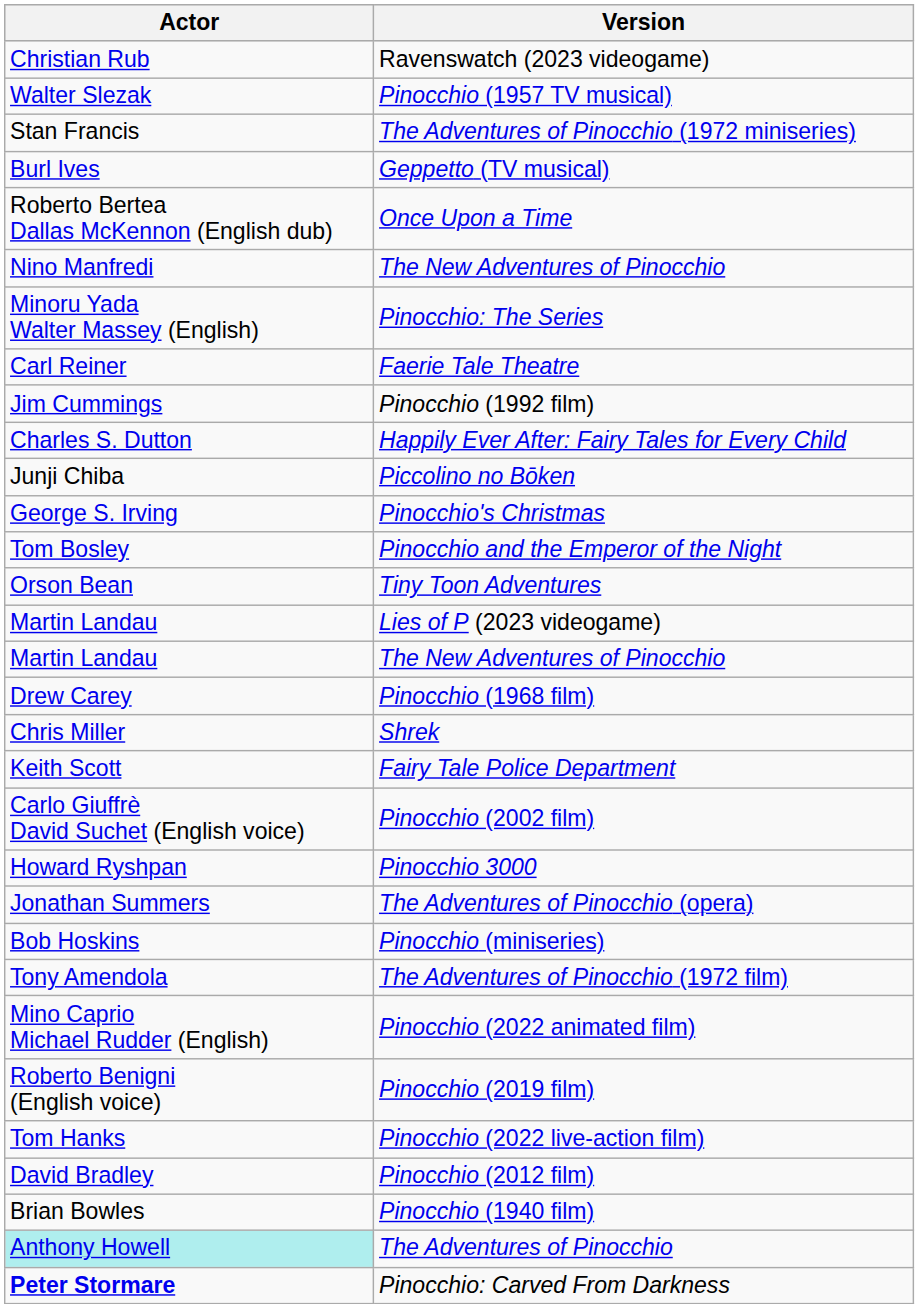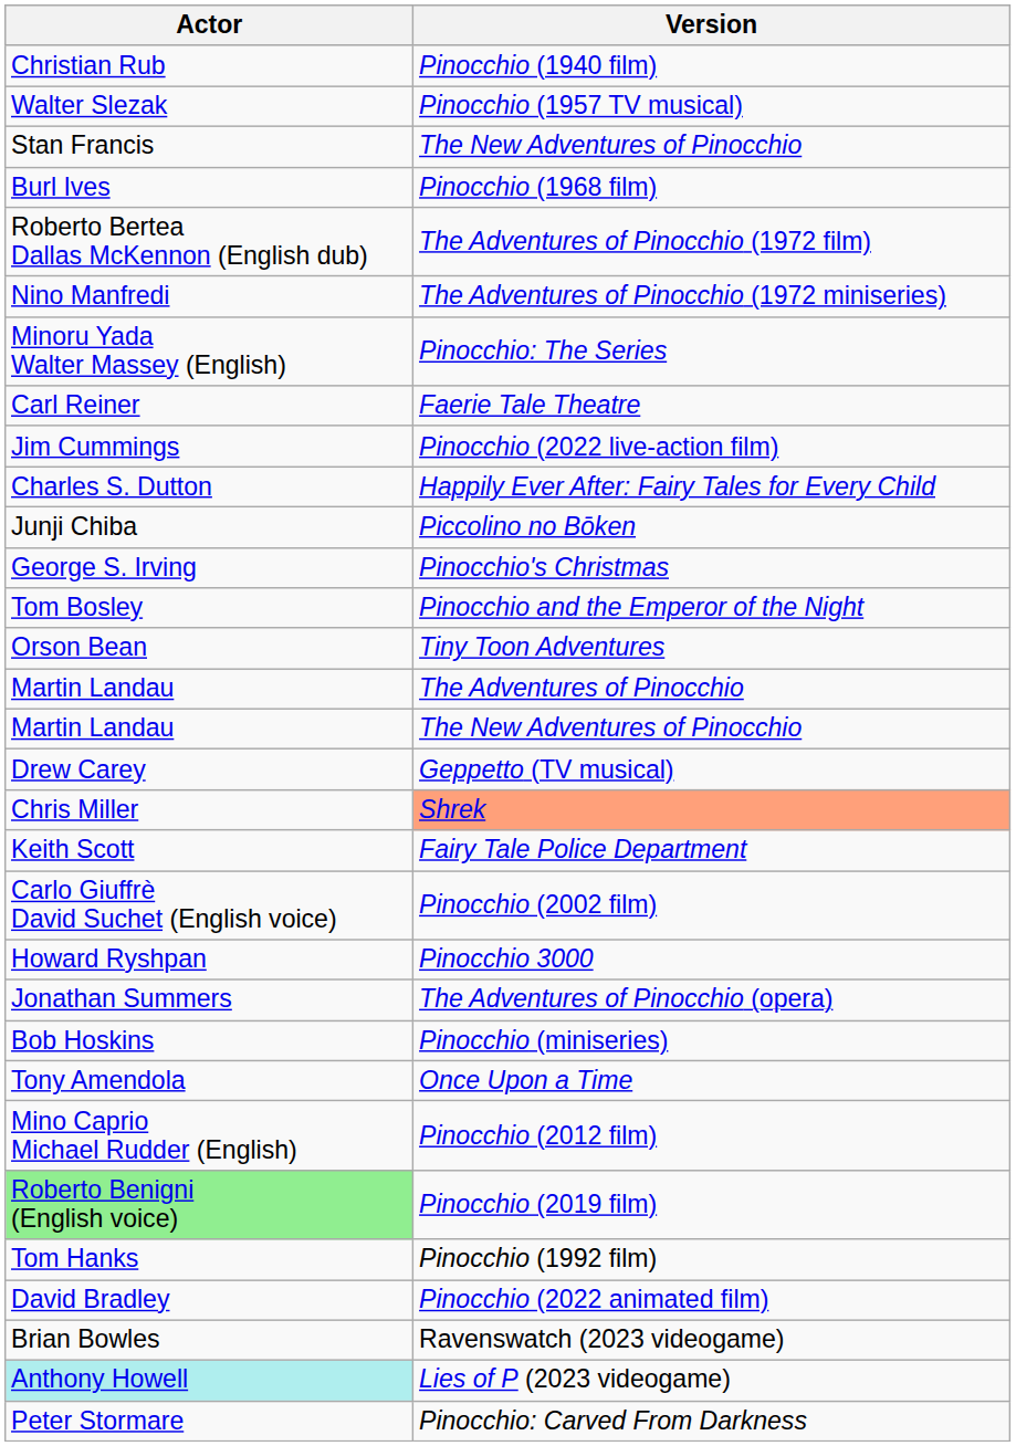 <table class="wikitable" width="50%">
 <tr bgcolor="#CCCCCC">
 <th>Actor</th>
 <th>Version</th>
 </tr>
 <tr>
 <td><a href='#'>Christian Rub</a></td>
-<td>Ravenswatch (2023 videogame)</td>
+<td><a href='#'><em>Pinocchio</em> (1940 film)</a></td>
 </tr>
 <tr>
 <td><a href='#'>Walter Slezak</a></td>
 <td><a href='#'><em>Pinocchio</em> (1957 TV musical)</a></td>
 </tr>
 <tr>
 <td>Stan Francis</td>
-<td><a href='#'><em>The Adventures of Pinocchio</em> (1972 miniseries)</a></td>
+<td><em><a href='#'>The New Adventures of Pinocchio</a></em></td>
 </tr>
 <tr>
 <td><a href='#'>Burl Ives</a></td>
-<td><a href='#'><em>Geppetto</em> (TV musical)</a></td>
+<td><a href='#'><em>Pinocchio</em> (1968 film)</a></td>
 </tr>
 <tr>
 <td>Roberto Bertea<br><a href='#'>Dallas McKennon</a> (English dub)</td>
-<td><em><a href='#'>Once Upon a Time</a></em></td>
+<td><a href='#'><em>The Adventures of Pinocchio</em> (1972 film)</a></td>
 </tr>
 <tr>
 <td><a href='#'>Nino Manfredi</a></td>
-<td><em><a href='#'>The New Adventures of Pinocchio</a></em></td>
+<td><a href='#'><em>The Adventures of Pinocchio</em> (1972 miniseries)</a></td>
 </tr>
 <tr>
 <td><a href='#'>Minoru Yada</a><br><a href='#'>Walter Massey</a> (English)</td>
 <td><em><a href='#'>Pinocchio: The Series</a></em></td>
 </tr>
 <tr>
 <td><a href='#'>Carl Reiner</a></td>
 <td><em><a href='#'>Faerie Tale Theatre</a></em></td>
 </tr>
 <tr>
 <td><a href='#'>Jim Cummings</a></td>
-<td><em>Pinocchio</em> (1992 film)</td>
+<td><a href='#'><em>Pinocchio</em> (2022 live-action film)</a></td>
 </tr>
 <tr>
 <td><a href='#'>Charles S. Dutton</a></td>
 <td><em><a href='#'>Happily Ever After: Fairy Tales for Every Child</a></em></td>
 </tr>
 <tr>
 <td>Junji Chiba</td>
 <td><em><a href='#'>Piccolino no Bōken</a></em></td>
 </tr>
 <tr>
 <td><a href='#'>George S. Irving</a></td>
 <td><em><a href='#'>Pinocchio's Christmas</a></em></td>
 </tr>
 <tr>
 <td><a href='#'>Tom Bosley</a></td>
 <td><em><a href='#'>Pinocchio and the Emperor of the Night</a></em></td>
 </tr>
 <tr>
 <td><a href='#'>Orson Bean</a></td>
 <td><em><a href='#'>Tiny Toon Adventures</a></em></td>
 </tr>
 <tr>
 <td><a href='#'>Martin Landau</a></td>
-<td><em><a href='#'>Lies of P</a></em> (2023 videogame)</td>
+<td><em><a href='#'>The Adventures of Pinocchio</a></em></td>
 </tr>
 <tr>
 <td><a href='#'>Martin Landau</a></td>
 <td><em><a href='#'>The New Adventures of Pinocchio</a></em></td>
 </tr>
 <tr>
 <td><a href='#'>Drew Carey</a></td>
-<td><a href='#'><em>Pinocchio</em> (1968 film)</a></td>
+<td><a href='#'><em>Geppetto</em> (TV musical)</a></td>
 </tr>
 <tr>
 <td><a href='#'>Chris Miller</a></td>
-<td><em><a href='#'>Shrek</a></em></td>
+<td style="background: lightsalmon;"><em><a href='#'>Shrek</a></em></td>
 </tr>
 <tr>
 <td><a href='#'>Keith Scott</a></td>
 <td><em><a href='#'>Fairy Tale Police Department</a></em></td>
 </tr>
 <tr>
 <td><a href='#'>Carlo Giuffrè</a><br><a href='#'>David Suchet</a> (English voice)</td>
 <td><a href='#'><em>Pinocchio</em> (2002 film)</a></td>
 </tr>
 <tr>
 <td><a href='#'>Howard Ryshpan</a></td>
 <td><em><a href='#'>Pinocchio 3000</a></em></td>
 </tr>
 <tr>
 <td><a href='#'>Jonathan Summers</a></td>
 <td><a href='#'><em>The Adventures of Pinocchio</em> (opera)</a></td>
 </tr>
 <tr>
 <td><a href='#'>Bob Hoskins</a></td>
 <td><a href='#'><em>Pinocchio</em> (miniseries)</a></td>
 </tr>
 <tr>
 <td><a href='#'>Tony Amendola</a></td>
-<td><a href='#'><em>The Adventures of Pinocchio</em> (1972 film)</a></td>
+<td><em><a href='#'>Once Upon a Time</a></em></td>
 </tr>
 <tr>
 <td><a href='#'>Mino Caprio</a><br><a href='#'>Michael Rudder</a> (English)</td>
-<td><a href='#'><em>Pinocchio</em> (2022 animated film)</a></td>
+<td><a href='#'><em>Pinocchio</em> (2012 film)</a></td>
 </tr>
 <tr>
-<td><a href='#'>Roberto Benigni</a><br> (English voice)</td>
+<td style="background: lightgreen;"><a href='#'>Roberto Benigni</a><br> (English voice)</td>
 <td><a href='#'><em>Pinocchio</em> (2019 film)</a></td>
 </tr>
 <tr>
 <td><a href='#'>Tom Hanks</a></td>
-<td><a href='#'><em>Pinocchio</em> (2022 live-action film)</a></td>
+<td><em>Pinocchio</em> (1992 film)</td>
 </tr>
 <tr>
 <td><a href='#'>David Bradley</a></td>
-<td><a href='#'><em>Pinocchio</em> (2012 film)</a></td>
+<td><a href='#'><em>Pinocchio</em> (2022 animated film)</a></td>
 </tr>
 <tr>
 <td>Brian Bowles</td>
-<td><a href='#'><em>Pinocchio</em> (1940 film)</a></td>
+<td>Ravenswatch (2023 videogame)</td>
 </tr>
 <tr>
 <td style="background: paleturquoise;"><a href='#'>Anthony Howell</a></td>
-<td><em><a href='#'>The Adventures of Pinocchio</a></em></td>
+<td><em><a href='#'>Lies of P</a></em> (2023 videogame)</td>
 </tr>
 <tr>
-<td><strong><a href='#'>Peter Stormare</a></strong></td>
+<td><a href='#'>Peter Stormare</a></td>
 <td><em>Pinocchio: Carved From Darkness</em></td>
 </tr>
 </table>
